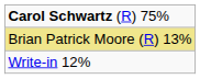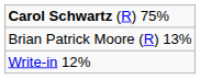 <table class="wikitable">
 <tr>
 <td><strong>Carol Schwartz</strong> (<a href='#'>R</a>) 75%</td>
 </tr>
 <tr>
-<td style="background: khaki;">Brian Patrick Moore (<a href='#'>R</a>) 13%</td>
+<td>Brian Patrick Moore (<a href='#'>R</a>) 13%</td>
 </tr>
 <tr>
 <td><a href='#'>Write-in</a> 12%</td>
 </tr>
 </table>
